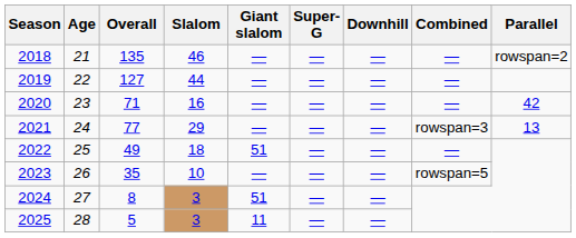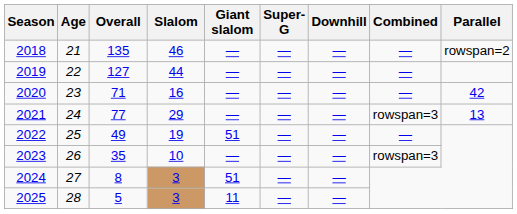 <table class=wikitable style="text-align:center">
 <tr>
 <th>Season</th>
 <th>Age</th>
 <th> Overall </th>
 <th> Slalom </th>
 <th>Giant<br> slalom </th>
 <th>Super-G</th>
 <th>Downhill</th>
 <th>Combined</th>
 <th>Parallel</th>
 </tr>
 <tr>
 <td><a href='#'>2018</a></td>
 <td><em>21</em></td>
 <td><a href='#'>135</a></td>
 <td><a href='#'>46</a></td>
 <td><a href='#'>—</a></td>
 <td><a href='#'>—</a></td>
 <td><a href='#'>—</a></td>
 <td><a href='#'>—</a></td>
 <td>rowspan=2 </td>
 </tr>
 <tr>
 <td><a href='#'>2019</a></td>
 <td><em>22</em></td>
 <td><a href='#'>127</a></td>
 <td><a href='#'>44</a></td>
 <td><a href='#'>—</a></td>
 <td><a href='#'>—</a></td>
 <td><a href='#'>—</a></td>
 <td><a href='#'>—</a></td>
 </tr>
 <tr>
 <td><a href='#'>2020</a></td>
 <td><em>23</em></td>
 <td><a href='#'>71</a></td>
 <td><a href='#'>16</a></td>
 <td><a href='#'>—</a></td>
 <td><a href='#'>—</a></td>
 <td><a href='#'>—</a></td>
 <td><a href='#'>—</a></td>
 <td><a href='#'>42</a></td>
 </tr>
 <tr>
 <td><a href='#'>2021</a></td>
 <td><em>24</em></td>
 <td><a href='#'>77</a></td>
 <td><a href='#'>29</a></td>
 <td><a href='#'>—</a></td>
 <td><a href='#'>—</a></td>
 <td><a href='#'>—</a></td>
 <td>rowspan=3 </td>
 <td><a href='#'>13</a></td>
 </tr>
 <tr>
 <td><a href='#'>2022</a></td>
 <td><em>25</em></td>
 <td><a href='#'>49</a></td>
-<td><a href='#'>18</a></td>
+<td><a href='#'>19</a></td>
 <td><a href='#'>51</a></td>
 <td><a href='#'>—</a></td>
 <td><a href='#'>—</a></td>
 <td><a href='#'>—</a></td>
 </tr>
 <tr>
 <td><a href='#'>2023</a></td>
 <td><em>26</em></td>
 <td><a href='#'>35</a></td>
 <td><a href='#'>10</a></td>
 <td><a href='#'>—</a></td>
 <td><a href='#'>—</a></td>
 <td><a href='#'>—</a></td>
-<td>rowspan=5 </td>
+<td>rowspan=3 </td>
 </tr>
 <tr>
 <td><a href='#'>2024</a></td>
 <td><em>27</em></td>
 <td><a href='#'>8</a></td>
 <td style="background:#c96;"><a href='#'>3</a></td>
 <td><a href='#'>51</a></td>
 <td><a href='#'>—</a></td>
 <td><a href='#'>—</a></td>
 </tr>
 <tr>
 <td><a href='#'>2025</a></td>
 <td><em>28</em></td>
 <td><a href='#'>5</a></td>
 <td style="background:#c96;"><a href='#'>3</a></td>
 <td><a href='#'>11</a></td>
 <td><a href='#'>—</a></td>
 <td><a href='#'>—</a></td>
 </tr>
 </table>
